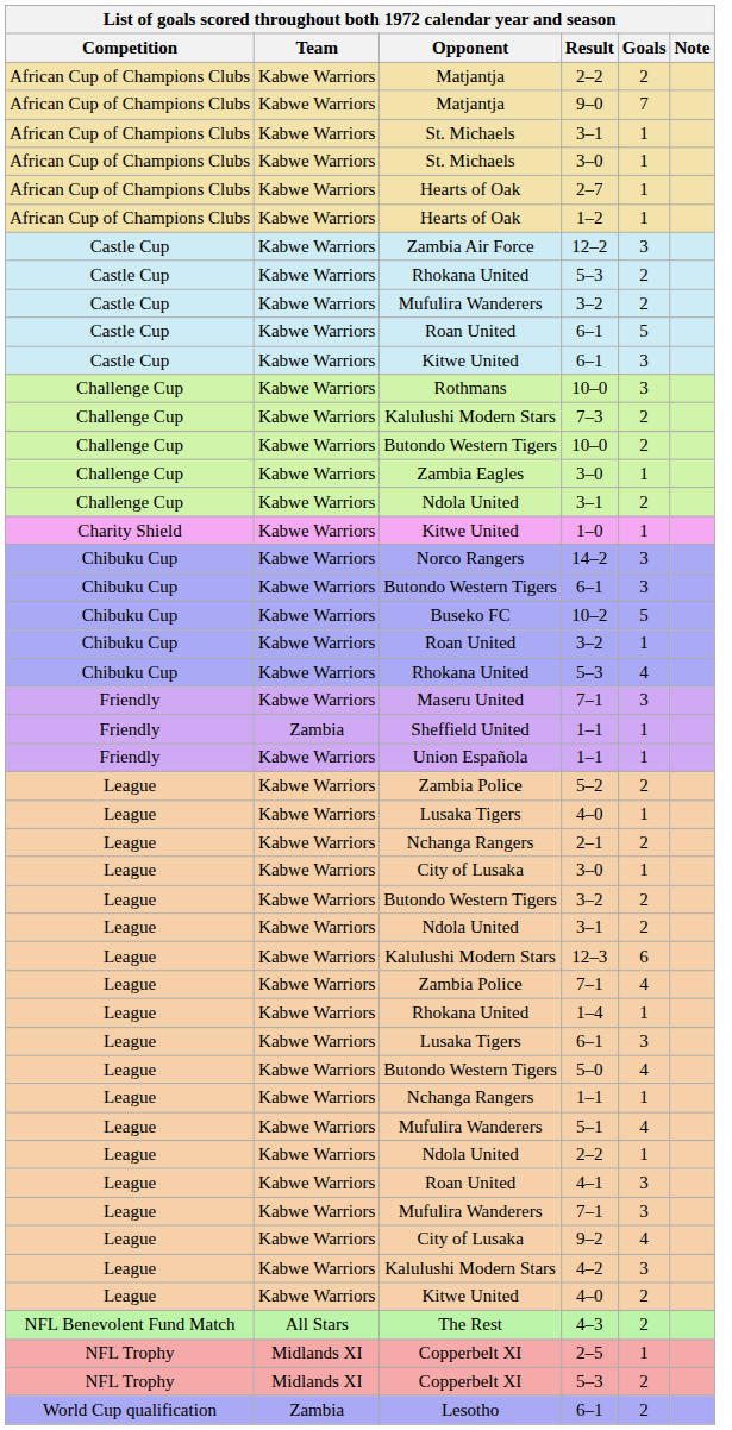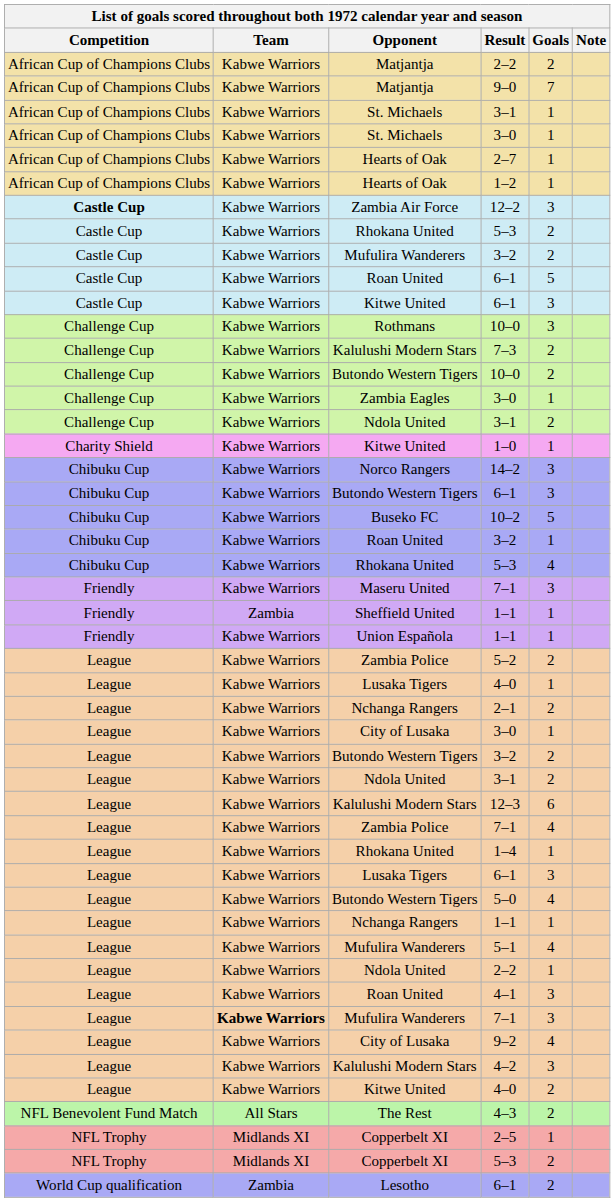 <table class="wikitable sortable collapsible collapsed" style="text-align:center">
 <tr>
 <th colspan="6">List of goals scored throughout both 1972 calendar year and season</th>
 </tr>
 <tr>
 <th>Competition</th>
 <th>Team</th>
 <th>Opponent</th>
 <th>Result</th>
 <th>Goals</th>
 <th>Note</th>
 </tr>
 <tr bgcolor=#F3E2A9>
 <td>African Cup of Champions Clubs</td>
 <td>Kabwe Warriors</td>
 <td>Matjantja</td>
 <td>2–2</td>
 <td>2</td>
 <td></td>
 </tr>
 <tr bgcolor=#F3E2A9>
 <td>African Cup of Champions Clubs</td>
 <td>Kabwe Warriors</td>
 <td>Matjantja</td>
 <td>9–0</td>
 <td>7</td>
 <td></td>
 </tr>
 <tr bgcolor=#F3E2A9>
 <td>African Cup of Champions Clubs</td>
 <td>Kabwe Warriors</td>
 <td>St. Michaels</td>
 <td>3–1</td>
 <td>1</td>
 <td></td>
 </tr>
 <tr bgcolor=#F3E2A9>
 <td>African Cup of Champions Clubs</td>
 <td>Kabwe Warriors</td>
 <td>St. Michaels</td>
 <td>3–0</td>
 <td>1</td>
 <td></td>
 </tr>
 <tr bgcolor=#F3E2A9>
 <td>African Cup of Champions Clubs</td>
 <td>Kabwe Warriors</td>
 <td>Hearts of Oak</td>
 <td>2–7</td>
 <td>1</td>
 <td></td>
 </tr>
 <tr bgcolor=#F3E2A9>
 <td>African Cup of Champions Clubs</td>
 <td>Kabwe Warriors</td>
 <td>Hearts of Oak</td>
 <td>1–2</td>
 <td>1</td>
 <td></td>
 </tr>
 <tr bgcolor=#CEECF5>
-<td>Castle Cup</td>
+<td><strong>Castle Cup</strong></td>
 <td>Kabwe Warriors</td>
 <td>Zambia Air Force</td>
 <td>12–2</td>
 <td>3</td>
 <td></td>
 </tr>
 <tr bgcolor=#CEECF5>
 <td>Castle Cup</td>
 <td>Kabwe Warriors</td>
 <td>Rhokana United</td>
 <td>5–3</td>
 <td>2</td>
 <td></td>
 </tr>
 <tr bgcolor=#CEECF5>
 <td>Castle Cup</td>
 <td>Kabwe Warriors</td>
 <td>Mufulira Wanderers</td>
 <td>3–2</td>
 <td>2</td>
 <td></td>
 </tr>
 <tr bgcolor=#CEECF5>
 <td>Castle Cup</td>
 <td>Kabwe Warriors</td>
 <td>Roan United</td>
 <td>6–1</td>
 <td>5</td>
 <td></td>
 </tr>
 <tr bgcolor=#CEECF5>
 <td>Castle Cup</td>
 <td>Kabwe Warriors</td>
 <td>Kitwe United</td>
 <td>6–1</td>
 <td>3</td>
 <td></td>
 </tr>
 <tr bgcolor=#D0F5A9>
 <td>Challenge Cup</td>
 <td>Kabwe Warriors</td>
 <td>Rothmans</td>
 <td>10–0</td>
 <td>3</td>
 <td></td>
 </tr>
 <tr bgcolor=#D0F5A9>
 <td>Challenge Cup</td>
 <td>Kabwe Warriors</td>
 <td>Kalulushi Modern Stars</td>
 <td>7–3</td>
 <td>2</td>
 <td></td>
 </tr>
 <tr bgcolor=#D0F5A9>
 <td>Challenge Cup</td>
 <td>Kabwe Warriors</td>
 <td>Butondo Western Tigers</td>
 <td>10–0</td>
 <td>2</td>
 <td></td>
 </tr>
 <tr bgcolor=#D0F5A9>
 <td>Challenge Cup</td>
 <td>Kabwe Warriors</td>
 <td>Zambia Eagles</td>
 <td>3–0</td>
 <td>1</td>
 <td></td>
 </tr>
 <tr bgcolor=#D0F5A9>
 <td>Challenge Cup</td>
 <td>Kabwe Warriors</td>
 <td>Ndola United</td>
 <td>3–1</td>
 <td>2</td>
 <td></td>
 </tr>
 <tr bgcolor=#F5A9F2>
 <td>Charity Shield</td>
 <td>Kabwe Warriors</td>
 <td>Kitwe United</td>
 <td>1–0</td>
 <td>1</td>
 <td></td>
 </tr>
 <tr bgcolor=#A9A9F5>
 <td>Chibuku Cup</td>
 <td>Kabwe Warriors</td>
 <td>Norco Rangers</td>
 <td>14–2</td>
 <td>3</td>
 <td></td>
 </tr>
 <tr bgcolor=#A9A9F5>
 <td>Chibuku Cup</td>
 <td>Kabwe Warriors</td>
 <td>Butondo Western Tigers</td>
 <td>6–1</td>
 <td>3</td>
 <td></td>
 </tr>
 <tr bgcolor=#A9A9F5>
 <td>Chibuku Cup</td>
 <td>Kabwe Warriors</td>
 <td>Buseko FC</td>
 <td>10–2</td>
 <td>5</td>
 <td></td>
 </tr>
 <tr bgcolor=#A9A9F5>
 <td>Chibuku Cup</td>
 <td>Kabwe Warriors</td>
 <td>Roan United</td>
 <td>3–2</td>
 <td>1</td>
 <td></td>
 </tr>
 <tr bgcolor=#A9A9F5>
 <td>Chibuku Cup</td>
 <td>Kabwe Warriors</td>
 <td>Rhokana United</td>
 <td>5–3</td>
 <td>4</td>
 <td></td>
 </tr>
 <tr bgcolor=#D0A9F5>
 <td>Friendly</td>
 <td>Kabwe Warriors</td>
 <td>Maseru United</td>
 <td>7–1</td>
 <td>3</td>
 <td></td>
 </tr>
 <tr bgcolor=#D0A9F5>
 <td>Friendly</td>
 <td>Zambia</td>
 <td>Sheffield United</td>
 <td>1–1</td>
 <td>1</td>
 <td></td>
 </tr>
 <tr bgcolor=#D0A9F5>
 <td>Friendly</td>
 <td>Kabwe Warriors</td>
 <td>Union Española</td>
 <td>1–1</td>
 <td>1</td>
 <td></td>
 </tr>
 <tr bgcolor=#F5D0A9>
 <td>League</td>
 <td>Kabwe Warriors</td>
 <td>Zambia Police</td>
 <td>5–2</td>
 <td>2</td>
 <td></td>
 </tr>
 <tr bgcolor=#F5D0A9>
 <td>League</td>
 <td>Kabwe Warriors</td>
 <td>Lusaka Tigers</td>
 <td>4–0</td>
 <td>1</td>
 <td></td>
 </tr>
 <tr bgcolor=#F5D0A9>
 <td>League</td>
 <td>Kabwe Warriors</td>
 <td>Nchanga Rangers</td>
 <td>2–1</td>
 <td>2</td>
 <td></td>
 </tr>
 <tr bgcolor=#F5D0A9>
 <td>League</td>
 <td>Kabwe Warriors</td>
 <td>City of Lusaka</td>
 <td>3–0</td>
 <td>1</td>
 <td></td>
 </tr>
 <tr bgcolor=#F5D0A9>
 <td>League</td>
 <td>Kabwe Warriors</td>
 <td>Butondo Western Tigers</td>
 <td>3–2</td>
 <td>2</td>
 <td></td>
 </tr>
 <tr bgcolor=#F5D0A9>
 <td>League</td>
 <td>Kabwe Warriors</td>
 <td>Ndola United</td>
 <td>3–1</td>
 <td>2</td>
 <td></td>
 </tr>
 <tr bgcolor=#F5D0A9>
 <td>League</td>
 <td>Kabwe Warriors</td>
 <td>Kalulushi Modern Stars</td>
 <td>12–3</td>
 <td>6</td>
 <td></td>
 </tr>
 <tr bgcolor=#F5D0A9>
 <td>League</td>
 <td>Kabwe Warriors</td>
 <td>Zambia Police</td>
 <td>7–1</td>
 <td>4</td>
 <td></td>
 </tr>
 <tr bgcolor=#F5D0A9>
 <td>League</td>
 <td>Kabwe Warriors</td>
 <td>Rhokana United</td>
 <td>1–4</td>
 <td>1</td>
 <td></td>
 </tr>
 <tr bgcolor=#F5D0A9>
 <td>League</td>
 <td>Kabwe Warriors</td>
 <td>Lusaka Tigers</td>
 <td>6–1</td>
 <td>3</td>
 <td></td>
 </tr>
 <tr bgcolor=#F5D0A9>
 <td>League</td>
 <td>Kabwe Warriors</td>
 <td>Butondo Western Tigers</td>
 <td>5–0</td>
 <td>4</td>
 <td></td>
 </tr>
 <tr bgcolor=#F5D0A9>
 <td>League</td>
 <td>Kabwe Warriors</td>
 <td>Nchanga Rangers</td>
 <td>1–1</td>
 <td>1</td>
 <td></td>
 </tr>
 <tr bgcolor=#F5D0A9>
 <td>League</td>
 <td>Kabwe Warriors</td>
 <td>Mufulira Wanderers</td>
 <td>5–1</td>
 <td>4</td>
 <td></td>
 </tr>
 <tr bgcolor=#F5D0A9>
 <td>League</td>
 <td>Kabwe Warriors</td>
 <td>Ndola United</td>
 <td>2–2</td>
 <td>1</td>
 <td></td>
 </tr>
 <tr bgcolor=#F5D0A9>
 <td>League</td>
 <td>Kabwe Warriors</td>
 <td>Roan United</td>
 <td>4–1</td>
 <td>3</td>
 <td></td>
 </tr>
 <tr bgcolor=#F5D0A9>
 <td>League</td>
-<td>Kabwe Warriors</td>
+<td><strong>Kabwe Warriors</strong></td>
 <td>Mufulira Wanderers</td>
 <td>7–1</td>
 <td>3</td>
 <td></td>
 </tr>
 <tr bgcolor=#F5D0A9>
 <td>League</td>
 <td>Kabwe Warriors</td>
 <td>City of Lusaka</td>
 <td>9–2</td>
 <td>4</td>
 <td></td>
 </tr>
 <tr bgcolor=#F5D0A9>
 <td>League</td>
 <td>Kabwe Warriors</td>
 <td>Kalulushi Modern Stars</td>
 <td>4–2</td>
 <td>3</td>
 <td></td>
 </tr>
 <tr bgcolor=#F5D0A9>
 <td>League</td>
 <td>Kabwe Warriors</td>
 <td>Kitwe United</td>
 <td>4–0</td>
 <td>2</td>
 <td></td>
 </tr>
 <tr bgcolor=#BCF5A9>
 <td>NFL Benevolent Fund Match</td>
 <td>All Stars</td>
 <td>The Rest</td>
 <td>4–3</td>
 <td>2</td>
 <td></td>
 </tr>
 <tr bgcolor=#F5A9A9>
 <td>NFL Trophy</td>
 <td>Midlands XI</td>
 <td>Copperbelt XI</td>
 <td>2–5</td>
 <td>1</td>
 <td></td>
 </tr>
 <tr bgcolor=#F5A9A9>
 <td>NFL Trophy</td>
 <td>Midlands XI</td>
 <td>Copperbelt XI</td>
 <td>5–3</td>
 <td>2</td>
 <td></td>
 </tr>
 <tr bgcolor=#A9A9F5>
 <td>World Cup qualification</td>
 <td>Zambia</td>
 <td>Lesotho</td>
 <td>6–1</td>
 <td>2</td>
 <td></td>
 </tr>
 </table>
